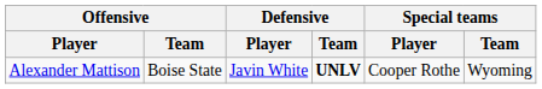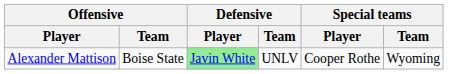 <table class="wikitable">
 <tr>
 <th colspan="2">Offensive</th>
 <th colspan="2">Defensive</th>
 <th colspan="2">Special teams</th>
 </tr>
 <tr>
 <th>Player</th>
 <th>Team</th>
 <th>Player</th>
 <th>Team</th>
 <th>Player</th>
 <th>Team</th>
 </tr>
 <tr>
 <td><a href='#'>Alexander Mattison</a></td>
 <td>Boise State</td>
-<td><a href='#'>Javin White</a></td>
-<td><strong>UNLV</strong></td>
+<td style="background: lightgreen;"><a href='#'>Javin White</a></td>
+<td>UNLV</td>
 <td>Cooper Rothe</td>
 <td>Wyoming</td>
 </tr>
 </table>
